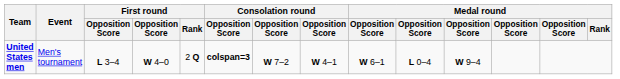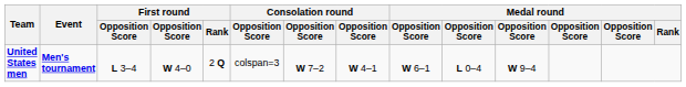 <table class=wikitable style=font-size:90%;text-align:center>
 <tr>
 <th rowspan=2>Team</th>
 <th rowspan=2>Event</th>
 <th colspan=3>First round</th>
 <th colspan=3>Consolation round</th>
 <th colspan=6>Medal round</th>
 </tr>
 <tr style=font-size:95%>
 <th>Opposition<br>Score</th>
 <th>Opposition<br>Score</th>
 <th>Rank</th>
 <th>Opposition<br>Score</th>
 <th>Opposition<br>Score</th>
 <th>Opposition<br>Score</th>
 <th>Opposition<br>Score</th>
 <th>Opposition<br>Score</th>
 <th>Opposition<br>Score</th>
 <th>Opposition<br>Score</th>
 <th>Opposition<br>Score</th>
 <th>Rank</th>
 </tr>
 <tr>
 <td align=left><strong><a href='#'>United States men</a></strong></td>
-<td align=left><a href='#'>Men's tournament</a></td>
+<td align=left><strong><a href='#'>Men's tournament</a></strong></td>
 <td><br><strong>L</strong> 3–4</td>
 <td><br><strong>W</strong> 4–0</td>
 <td>2 <strong>Q</strong></td>
-<td><strong>colspan=3 </strong></td>
+<td>colspan=3 </td>
 <td><br><strong>W</strong> 7–2</td>
 <td><br><strong>W</strong> 4–1</td>
 <td><br><strong>W</strong> 6–1</td>
 <td><br><strong>L</strong> 0–4</td>
 <td><br><strong>W</strong> 9–4</td>
 <td></td>
 </tr>
 </table>
